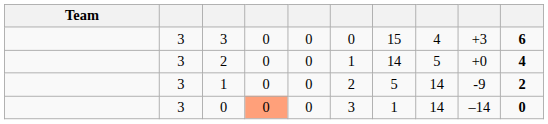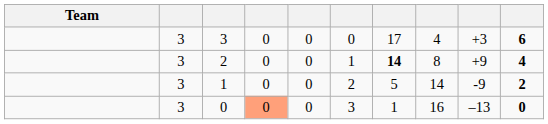 <table class="wikitable" style="text-align:center;">
 <tr>
 <th width=165>Team</th>
 <th width=40></th>
 <th width=40></th>
 <th width=40></th>
 <th width=40></th>
 <th width=40></th>
 <th width=40></th>
 <th width=40></th>
 <th width=40></th>
 <th width=40></th>
 </tr>
 <tr>
 <td style="text-align:left;"></td>
 <td>3</td>
 <td>3</td>
 <td>0</td>
 <td>0</td>
 <td>0</td>
-<td>15</td>
+<td>17</td>
 <td>4</td>
 <td>+3</td>
 <td><strong>6</strong></td>
 </tr>
 <tr>
 <td style="text-align:left;"></td>
 <td>3</td>
 <td>2</td>
 <td>0</td>
 <td>0</td>
 <td>1</td>
-<td>14</td>
-<td>5</td>
-<td>+0</td>
+<td><strong>14</strong></td>
+<td>8</td>
+<td>+9</td>
 <td><strong>4</strong></td>
 </tr>
 <tr>
 <td style="text-align:left;"></td>
 <td>3</td>
 <td>1</td>
 <td>0</td>
 <td>0</td>
 <td>2</td>
 <td>5</td>
 <td>14</td>
 <td>-9</td>
 <td><strong>2</strong></td>
 </tr>
 <tr>
 <td style="text-align:left;"></td>
 <td>3</td>
 <td>0</td>
 <td style="background: lightsalmon;">0</td>
 <td>0</td>
 <td>3</td>
 <td>1</td>
-<td>14</td>
-<td>–14</td>
+<td>16</td>
+<td>–13</td>
 <td><strong>0</strong></td>
 </tr>
 </table>
